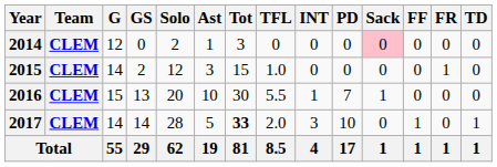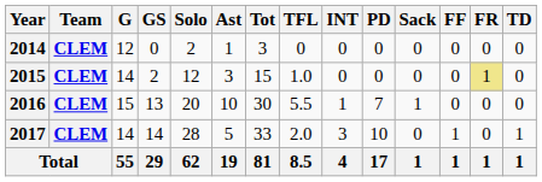 <table class="wikitable" style="text-align:center;">
 <tr>
 <th><strong>Year</strong></th>
 <th><strong>Team</strong></th>
 <th><strong>G</strong></th>
 <th><strong>GS</strong></th>
 <th>Solo</th>
 <th>Ast</th>
 <th>Tot</th>
 <th><strong>TFL</strong></th>
 <th><strong>INT</strong></th>
 <th><strong>PD</strong></th>
 <th><strong>Sack</strong></th>
 <th><strong>FF</strong></th>
 <th><strong>FR</strong></th>
 <th><strong>TD</strong></th>
 </tr>
 <tr>
 <th>2014</th>
 <th><a href='#'>CLEM</a></th>
 <td>12</td>
 <td>0</td>
 <td>2</td>
 <td>1</td>
 <td>3</td>
 <td>0</td>
 <td>0</td>
 <td>0</td>
-<td style="background: pink;">0</td>
+<td>0</td>
 <td>0</td>
 <td>0</td>
 <td>0</td>
 </tr>
 <tr>
 <th>2015</th>
 <th><a href='#'>CLEM</a></th>
 <td>14</td>
 <td>2</td>
 <td>12</td>
 <td>3</td>
 <td>15</td>
 <td>1.0</td>
 <td>0</td>
 <td>0</td>
 <td>0</td>
 <td>0</td>
-<td>1</td>
+<td style="background: khaki;">1</td>
 <td>0</td>
 </tr>
 <tr>
 <th>2016</th>
 <th><a href='#'>CLEM</a></th>
 <td>15</td>
 <td>13</td>
 <td>20</td>
 <td>10</td>
 <td>30</td>
 <td>5.5</td>
 <td>1</td>
 <td>7</td>
 <td>1</td>
 <td>0</td>
 <td>0</td>
 <td>0</td>
 </tr>
 <tr>
 <th>2017</th>
 <th><a href='#'>CLEM</a></th>
 <td>14</td>
 <td>14</td>
 <td>28</td>
 <td>5</td>
-<td><strong>33</strong></td>
+<td>33</td>
 <td>2.0</td>
 <td>3</td>
 <td>10</td>
 <td>0</td>
 <td>1</td>
 <td>0</td>
 <td>1</td>
 </tr>
 <tr>
 <th colspan="2"><strong>Total</strong></th>
 <th><strong>55</strong></th>
 <th><strong>29</strong></th>
 <th>62</th>
 <th>19</th>
 <th><strong>81</strong></th>
 <th><strong>8.5</strong></th>
 <th><strong>4</strong></th>
 <th><strong>17</strong></th>
 <th><strong>1</strong></th>
 <th><strong>1</strong></th>
 <th><strong>1</strong></th>
 <th><strong>1</strong></th>
 </tr>
 </table>
